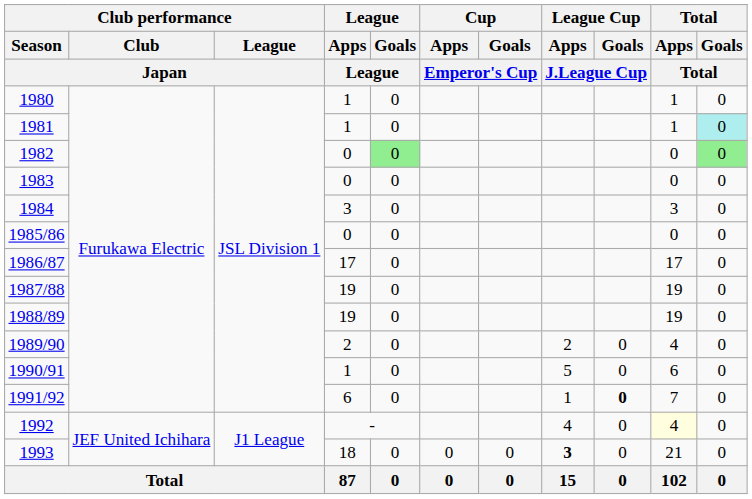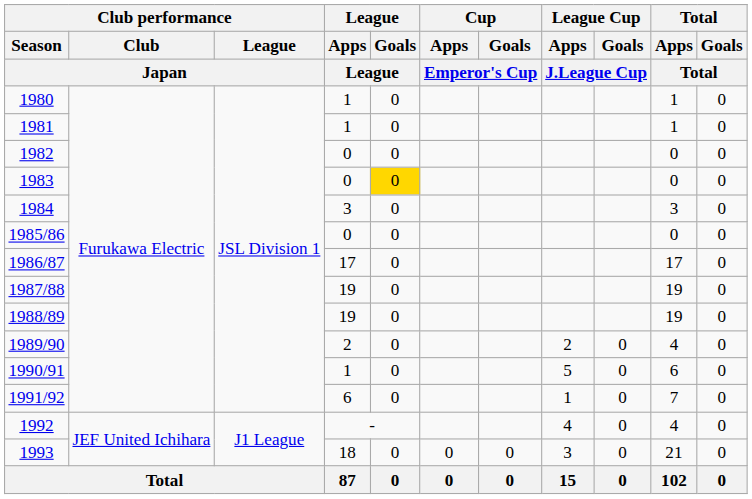 <table class="wikitable" style="text-align:center;">
 <tr>
 <th colspan=3>Club performance</th>
 <th colspan=2>League</th>
 <th colspan=2>Cup</th>
 <th colspan=2>League Cup</th>
 <th colspan=2>Total</th>
 </tr>
 <tr>
 <th>Season</th>
 <th>Club</th>
 <th>League</th>
 <th>Apps</th>
 <th>Goals</th>
 <th>Apps</th>
 <th>Goals</th>
 <th>Apps</th>
 <th>Goals</th>
 <th>Apps</th>
 <th>Goals</th>
 </tr>
 <tr>
 <th colspan=3>Japan</th>
 <th colspan=2>League</th>
 <th colspan=2><a href='#'>Emperor's Cup</a></th>
 <th colspan=2><a href='#'>J.League Cup</a></th>
 <th colspan=2>Total</th>
 </tr>
 <tr>
 <td><a href='#'>1980</a></td>
 <td rowspan="12"><a href='#'>Furukawa Electric</a></td>
 <td rowspan="12"><a href='#'>JSL Division 1</a></td>
 <td>1</td>
 <td>0</td>
 <td></td>
 <td></td>
 <td></td>
 <td></td>
 <td>1</td>
 <td>0</td>
 </tr>
 <tr>
 <td><a href='#'>1981</a></td>
 <td>1</td>
 <td>0</td>
 <td></td>
 <td></td>
 <td></td>
 <td></td>
 <td>1</td>
-<td style="background: paleturquoise;">0</td>
+<td>0</td>
 </tr>
 <tr>
 <td><a href='#'>1982</a></td>
 <td>0</td>
-<td style="background: lightgreen;">0</td>
+<td>0</td>
 <td></td>
 <td></td>
 <td></td>
 <td></td>
 <td>0</td>
-<td style="background: lightgreen;">0</td>
+<td>0</td>
 </tr>
 <tr>
 <td><a href='#'>1983</a></td>
 <td>0</td>
-<td>0</td>
+<td style="background: gold;">0</td>
 <td></td>
 <td></td>
 <td></td>
 <td></td>
 <td>0</td>
 <td>0</td>
 </tr>
 <tr>
 <td><a href='#'>1984</a></td>
 <td>3</td>
 <td>0</td>
 <td></td>
 <td></td>
 <td></td>
 <td></td>
 <td>3</td>
 <td>0</td>
 </tr>
 <tr>
 <td><a href='#'>1985/86</a></td>
 <td>0</td>
 <td>0</td>
 <td></td>
 <td></td>
 <td></td>
 <td></td>
 <td>0</td>
 <td>0</td>
 </tr>
 <tr>
 <td><a href='#'>1986/87</a></td>
 <td>17</td>
 <td>0</td>
 <td></td>
 <td></td>
 <td></td>
 <td></td>
 <td>17</td>
 <td>0</td>
 </tr>
 <tr>
 <td><a href='#'>1987/88</a></td>
 <td>19</td>
 <td>0</td>
 <td></td>
 <td></td>
 <td></td>
 <td></td>
 <td>19</td>
 <td>0</td>
 </tr>
 <tr>
 <td><a href='#'>1988/89</a></td>
 <td>19</td>
 <td>0</td>
 <td></td>
 <td></td>
 <td></td>
 <td></td>
 <td>19</td>
 <td>0</td>
 </tr>
 <tr>
 <td><a href='#'>1989/90</a></td>
 <td>2</td>
 <td>0</td>
 <td></td>
 <td></td>
 <td>2</td>
 <td>0</td>
 <td>4</td>
 <td>0</td>
 </tr>
 <tr>
 <td><a href='#'>1990/91</a></td>
 <td>1</td>
 <td>0</td>
 <td></td>
 <td></td>
 <td>5</td>
 <td>0</td>
 <td>6</td>
 <td>0</td>
 </tr>
 <tr>
 <td><a href='#'>1991/92</a></td>
 <td>6</td>
 <td>0</td>
 <td></td>
 <td></td>
 <td>1</td>
-<td><strong>0</strong></td>
+<td>0</td>
 <td>7</td>
 <td>0</td>
 </tr>
 <tr>
 <td><a href='#'>1992</a></td>
 <td rowspan="2"><a href='#'>JEF United Ichihara</a></td>
 <td rowspan="2"><a href='#'>J1 League</a></td>
 <td colspan="2">-</td>
 <td></td>
 <td></td>
 <td>4</td>
 <td>0</td>
-<td style="background: lightyellow;">4</td>
+<td>4</td>
 <td>0</td>
 </tr>
 <tr>
 <td><a href='#'>1993</a></td>
 <td>18</td>
 <td>0</td>
 <td>0</td>
 <td>0</td>
-<td><strong>3</strong></td>
+<td>3</td>
 <td>0</td>
 <td>21</td>
 <td>0</td>
 </tr>
 <tr>
 <th colspan=3>Total</th>
 <th>87</th>
 <th>0</th>
 <th>0</th>
 <th>0</th>
 <th>15</th>
 <th>0</th>
 <th>102</th>
 <th>0</th>
 </tr>
 </table>
